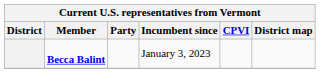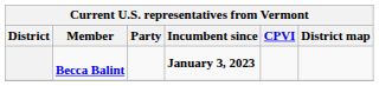 <table class="wikitable sortable">
 <tr>
 <th colspan=6>Current U.S. representatives from Vermont</th>
 </tr>
 <tr>
 <th>District</th>
 <th>Member<br></th>
 <th>Party</th>
 <th data-sort-type="date">Incumbent since</th>
 <th data-sort-type="number"><a href='#'>CPVI</a><br></th>
 <th class="unsortable">District map</th>
 </tr>
 <tr>
 <th></th>
 <td data-sort-value="Welch, Peter"><br><strong><a href='#'>Becca Balint</a></strong><br></td>
 <td></td>
-<td>January 3, 2023</td>
+<td><strong>January 3, 2023</strong></td>
 <td></td>
 <td></td>
 </tr>
 <tr>
 </tr>
 </table>
